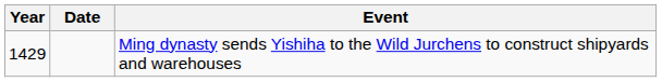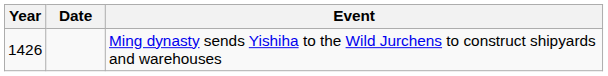 <table class="wikitable" width="100%">
 <tr>
 <th style="width:6%">Year</th>
 <th style="width:10%">Date</th>
 <th>Event</th>
 </tr>
 <tr>
-<td>1429</td>
+<td>1426</td>
 <td></td>
 <td><a href='#'>Ming dynasty</a> sends <a href='#'>Yishiha</a> to the <a href='#'>Wild Jurchens</a> to construct shipyards and warehouses</td>
 </tr>
 </table>
